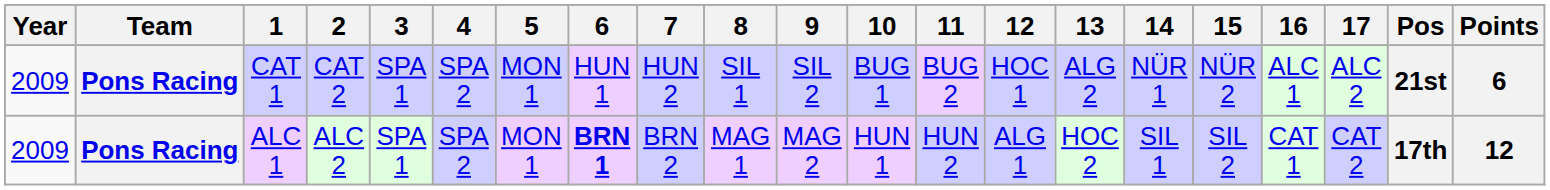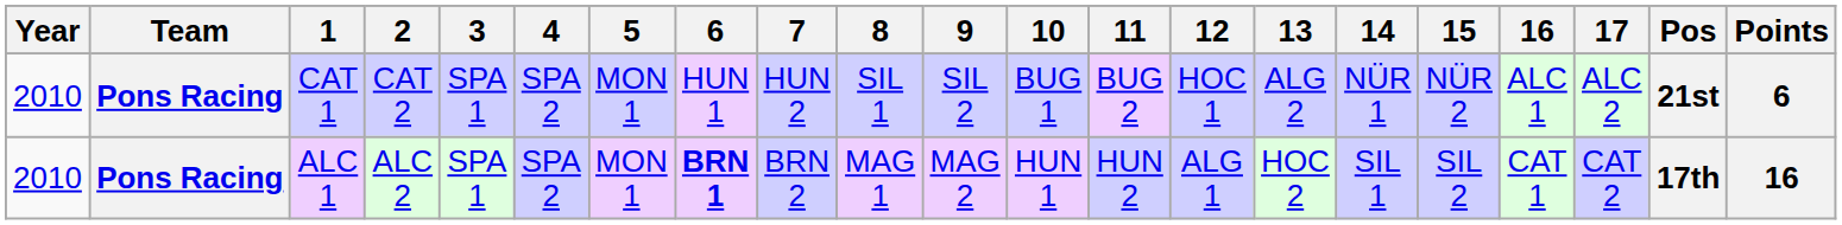 <table class="wikitable" style="text-align:center; font-size:85%">
 <tr>
 <th>Year</th>
 <th>Team</th>
 <th>1</th>
 <th>2</th>
 <th>3</th>
 <th>4</th>
 <th>5</th>
 <th>6</th>
 <th>7</th>
 <th>8</th>
 <th>9</th>
 <th>10</th>
 <th>11</th>
 <th>12</th>
 <th>13</th>
 <th>14</th>
 <th>15</th>
 <th>16</th>
 <th>17</th>
 <th>Pos</th>
 <th>Points</th>
 </tr>
 <tr>
-<td><a href='#'>2009</a></td>
+<td><a href='#'>2010</a></td>
 <th nowrap><a href='#'>Pons Racing</a></th>
 <td style="background:#CFCFFF;"><a href='#'>CAT<br>1</a><br></td>
 <td style="background:#CFCFFF;"><a href='#'>CAT<br>2</a><br></td>
 <td style="background:#CFCFFF;"><a href='#'>SPA<br>1</a><br></td>
 <td style="background:#CFCFFF;"><a href='#'>SPA<br>2</a><br></td>
 <td style="background:#CFCFFF;"><a href='#'>MON<br>1</a><br></td>
 <td style="background:#EFCFFF;"><a href='#'>HUN<br>1</a><br></td>
 <td style="background:#CFCFFF;"><a href='#'>HUN<br>2</a><br></td>
 <td style="background:#CFCFFF;"><a href='#'>SIL<br>1</a><br></td>
 <td style="background:#CFCFFF;"><a href='#'>SIL<br>2</a><br></td>
 <td style="background:#CFCFFF;"><a href='#'>BUG<br>1</a><br></td>
 <td style="background:#EFCFFF;"><a href='#'>BUG<br>2</a><br></td>
 <td style="background:#CFCFFF;"><a href='#'>HOC<br>1</a><br></td>
 <td style="background:#CFCFFF;"><a href='#'>ALG<br>2</a><br></td>
 <td style="background:#CFCFFF;"><a href='#'>NÜR<br>1</a><br></td>
 <td style="background:#CFCFFF;"><a href='#'>NÜR<br>2</a><br></td>
 <td style="background:#DFFFDF;"><a href='#'>ALC<br>1</a><br></td>
 <td style="background:#DFFFDF;"><a href='#'>ALC<br>2</a><br></td>
 <th>21st</th>
 <th>6</th>
 </tr>
 <tr>
-<td><a href='#'>2009</a></td>
+<td><a href='#'>2010</a></td>
 <th nowrap><a href='#'>Pons Racing</a></th>
 <td style="background:#EFCFFF;"><a href='#'>ALC<br>1</a><br></td>
 <td style="background:#DFFFDF;"><a href='#'>ALC<br>2</a><br></td>
 <td style="background:#DFFFDF;"><a href='#'>SPA<br>1</a><br></td>
 <td style="background:#CFCFFF;"><a href='#'>SPA<br>2</a><br></td>
 <td style="background:#EFCFFF;"><a href='#'>MON<br>1</a><br></td>
 <td style="background:#EFCFFF;"><strong><a href='#'>BRN<br>1</a><br></strong></td>
 <td style="background:#CFCFFF;"><a href='#'>BRN<br>2</a><br></td>
 <td style="background:#EFCFFF;"><a href='#'>MAG<br>1</a><br></td>
 <td style="background:#EFCFFF;"><a href='#'>MAG<br>2</a><br></td>
 <td style="background:#EFCFFF;"><a href='#'>HUN<br>1</a><br></td>
 <td style="background:#CFCFFF;"><a href='#'>HUN<br>2</a><br></td>
 <td style="background:#CFCFFF;"><a href='#'>ALG<br>1</a><br></td>
 <td style="background:#DFFFDF;"><a href='#'>HOC<br>2</a><br></td>
 <td style="background:#CFCFFF;"><a href='#'>SIL<br>1</a><br></td>
 <td style="background:#CFCFFF;"><a href='#'>SIL<br>2</a><br></td>
 <td style="background:#DFFFDF;"><a href='#'>CAT<br>1</a><br></td>
 <td style="background:#CFCFFF;"><a href='#'>CAT<br>2</a><br></td>
 <th>17th</th>
-<th>12</th>
+<th>16</th>
 </tr>
 </table>
